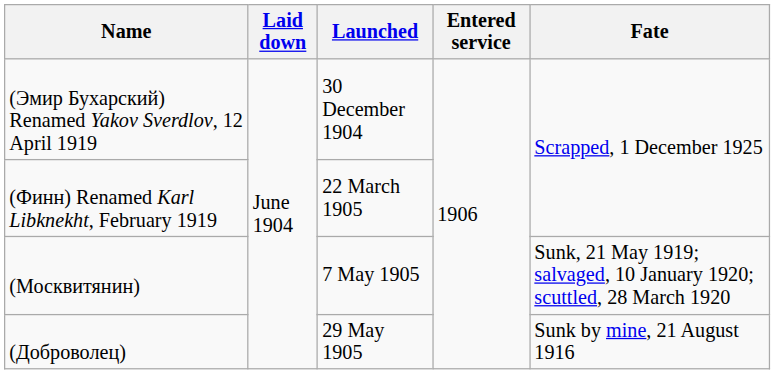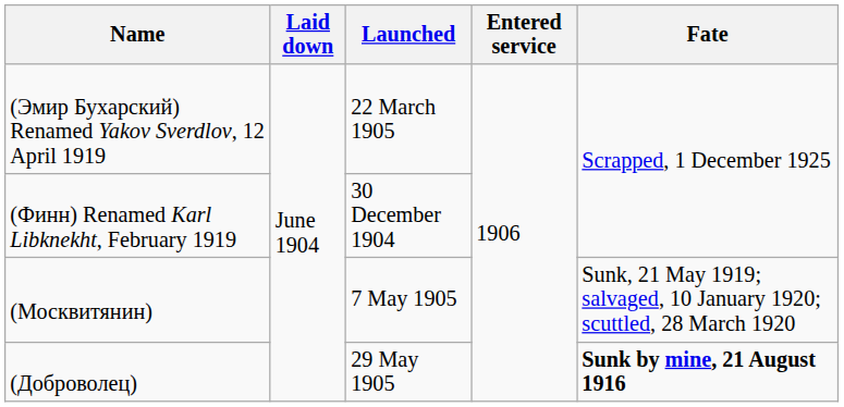 <table class="wikitable plainrowheaders">
 <tr>
 <th scope="col">Name</th>
 <th scope="col"><a href='#'>Laid down</a></th>
 <th scope="col"><a href='#'>Launched</a></th>
 <th scope="col">Entered service</th>
 <th scope="col">Fate</th>
 </tr>
 <tr>
 <td scope="row"><br>(Эмир Бухарский) Renamed <em>Yakov Sverdlov</em>, 12 April 1919</td>
 <td rowspan=4>June 1904</td>
-<td>30 December 1904</td>
+<td>22 March 1905</td>
 <td rowspan=4>1906</td>
 <td rowspan=2><a href='#'>Scrapped</a>, 1 December 1925</td>
 </tr>
 <tr>
 <td scope="row"><br>(Финн) Renamed <em>Karl Libknekht</em>, February 1919</td>
-<td>22 March 1905</td>
+<td>30 December 1904</td>
 </tr>
 <tr>
 <td scope="row"><br>(Москвитянин)</td>
 <td>7 May 1905</td>
 <td>Sunk, 21 May 1919; <a href='#'>salvaged</a>, 10 January 1920; <a href='#'>scuttled</a>, 28 March 1920</td>
 </tr>
 <tr>
 <td scope="row"><br>(Доброволец)</td>
 <td>29 May 1905</td>
-<td>Sunk by <a href='#'>mine</a>, 21 August 1916</td>
+<td><strong>Sunk by <a href='#'>mine</a>, 21 August 1916</strong></td>
 </tr>
 </table>
